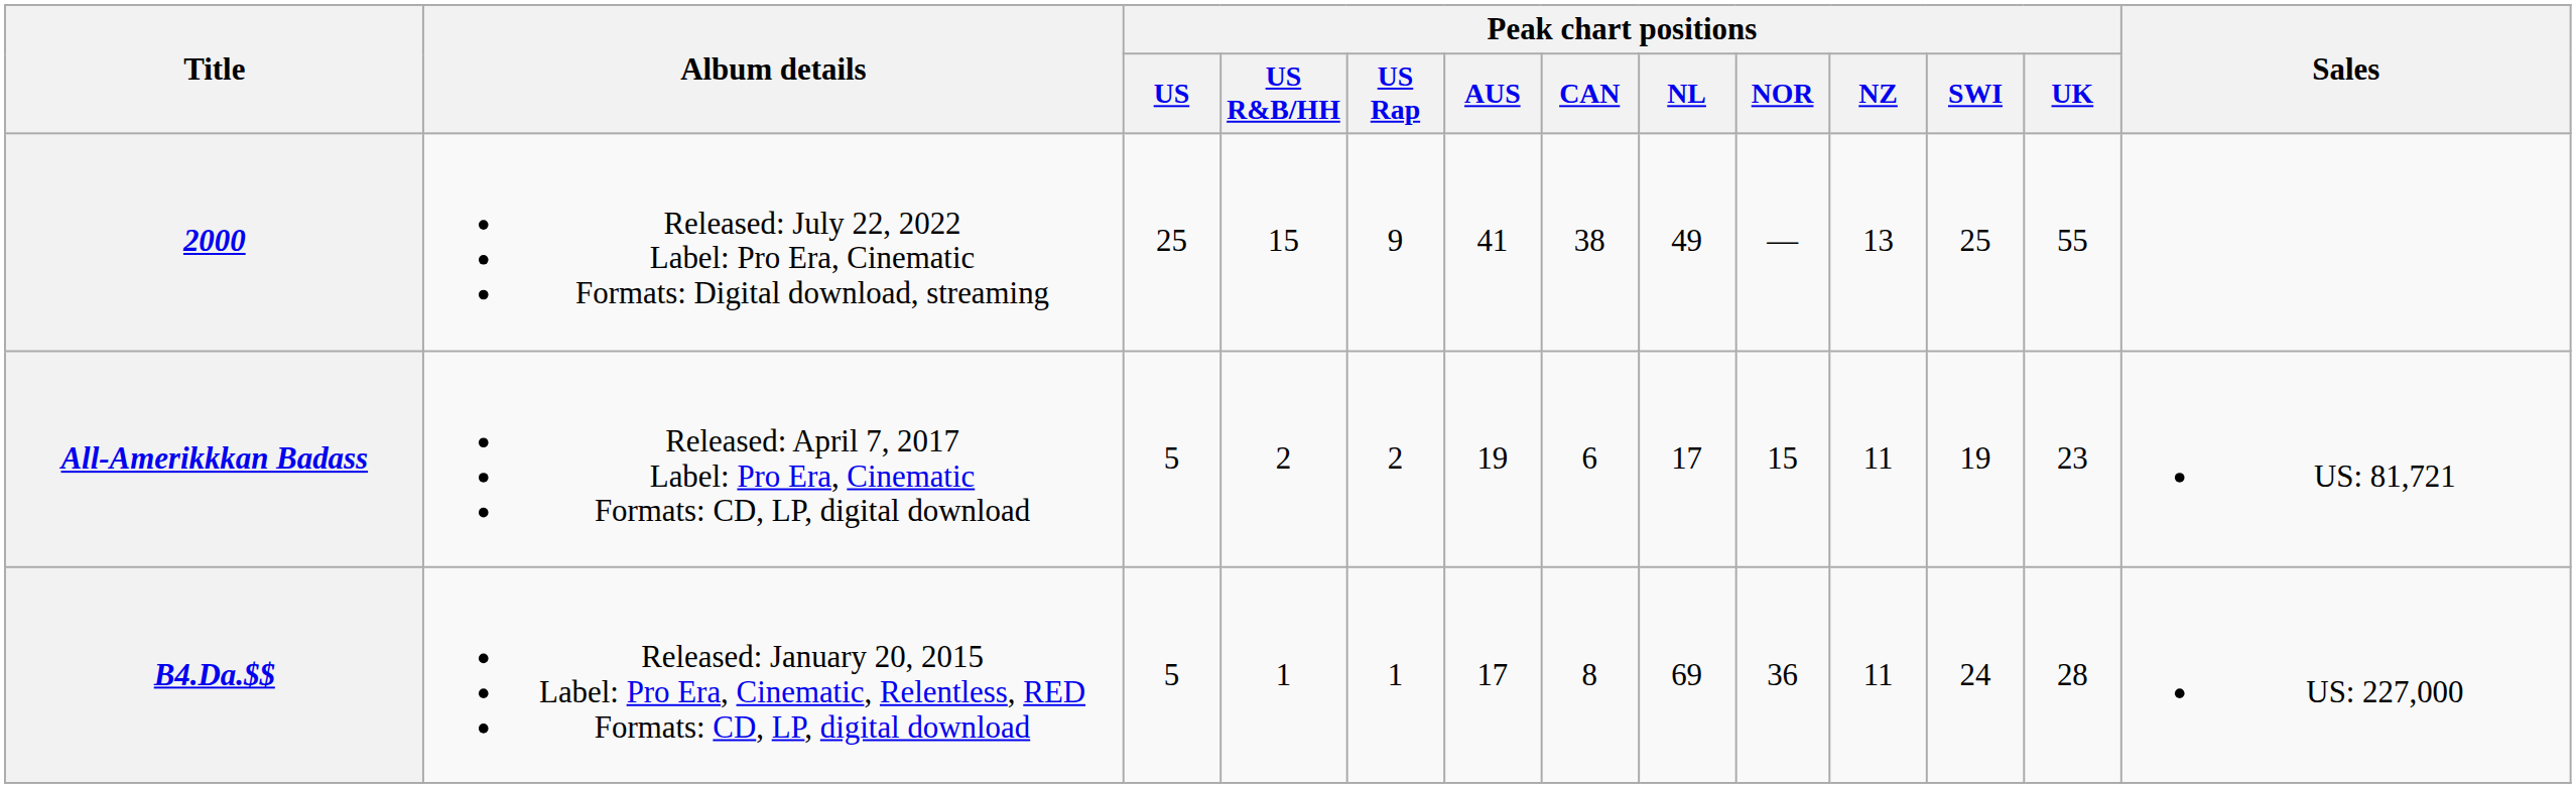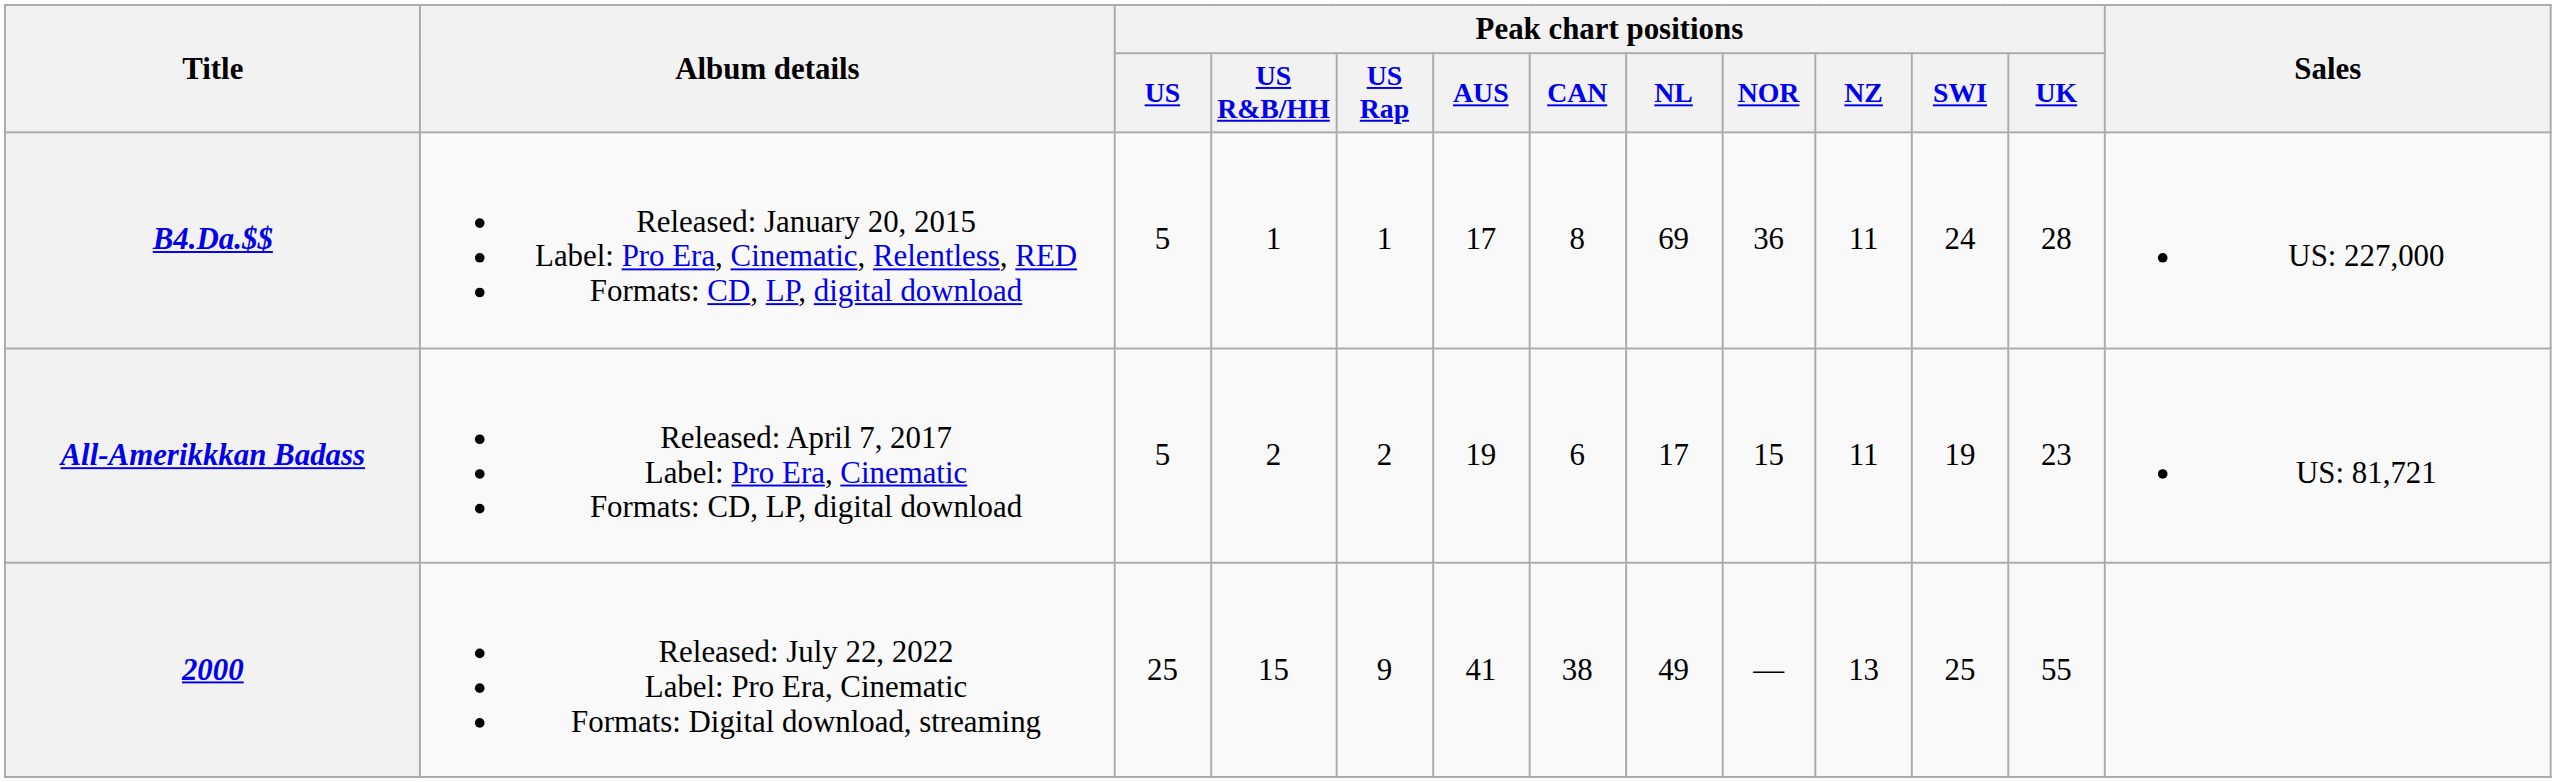 <table class="wikitable plainrowheaders" style="text-align:center;">
 <tr>
 <th scope="col" rowspan="2" style="width:13em;">Title</th>
 <th scope="col" rowspan="2" style="width:22em;">Album details</th>
 <th scope="col" colspan="10">Peak chart positions</th>
 <th scope="col" rowspan="2" style="width:14em;">Sales</th>
 </tr>
 <tr>
 <th scope="col" style="width:3em;font-size:90%;"><a href='#'>US</a><br></th>
 <th scope="col" style="width:3em;font-size:90%;"><a href='#'>US R&B/HH</a><br></th>
 <th scope="col" style="width:3em;font-size:90%;"><a href='#'>US Rap</a><br></th>
 <th scope="col" style="width:3em;font-size:90%;"><a href='#'>AUS</a><br></th>
 <th scope="col" style="width:3em;font-size:90%;"><a href='#'>CAN</a><br></th>
 <th scope="col" style="width:3em;font-size:90%;"><a href='#'>NL</a><br></th>
 <th scope="col" style="width:2.9em;font-size:90%;"><a href='#'>NOR</a><br></th>
 <th scope="col" style="width:3em;font-size:90%;"><a href='#'>NZ</a><br></th>
 <th scope="col" style="width:3em;font-size:90%;"><a href='#'>SWI</a><br></th>
 <th scope="col" style="width:3em;font-size:90%;"><a href='#'>UK</a><br></th>
 </tr>
 <tr>
-<th scope="row"><em><a href='#'>2000</a></em></th>
-<td><br><ul><li>Released: July 22, 2022</li><li>Label: Pro Era, Cinematic</li><li>Formats: Digital download, streaming</li></ul></td>
-<td>25</td>
-<td>15</td>
-<td>9</td>
-<td>41</td>
-<td>38</td>
-<td>49</td>
-<td>—</td>
-<td>13</td>
-<td>25</td>
-<td>55</td>
-<td></td>
+<th scope="row"><em><a href='#'>B4.Da.$$</a></em></th>
+<td><br><ul><li>Released: January 20, 2015</li><li>Label: <a href='#'>Pro Era</a>, <a href='#'>Cinematic</a>, <a href='#'>Relentless</a>, <a href='#'>RED</a></li><li>Formats: <a href='#'>CD</a>, <a href='#'>LP</a>, <a href='#'>digital download</a></li></ul></td>
+<td>5</td>
+<td>1</td>
+<td>1</td>
+<td>17</td>
+<td>8</td>
+<td>69</td>
+<td>36</td>
+<td>11</td>
+<td>24</td>
+<td>28</td>
+<td><br><ul><li>US: 227,000</li></ul></td>
 </tr>
 <tr>
 <th scope="row"><em><a href='#'>All-Amerikkkan Badass</a></em></th>
 <td><br><ul><li>Released: April 7, 2017</li><li>Label: <a href='#'>Pro Era</a>, <a href='#'>Cinematic</a></li><li>Formats: CD, LP, digital download</li></ul></td>
 <td>5</td>
 <td>2</td>
 <td>2</td>
 <td>19</td>
 <td>6</td>
 <td>17</td>
 <td>15</td>
 <td>11</td>
 <td>19</td>
 <td>23</td>
 <td><br><ul><li>US: 81,721</li></ul></td>
 </tr>
 <tr>
-<th scope="row"><em><a href='#'>B4.Da.$$</a></em></th>
-<td><br><ul><li>Released: January 20, 2015</li><li>Label: <a href='#'>Pro Era</a>, <a href='#'>Cinematic</a>, <a href='#'>Relentless</a>, <a href='#'>RED</a></li><li>Formats: <a href='#'>CD</a>, <a href='#'>LP</a>, <a href='#'>digital download</a></li></ul></td>
-<td>5</td>
-<td>1</td>
-<td>1</td>
-<td>17</td>
-<td>8</td>
-<td>69</td>
-<td>36</td>
-<td>11</td>
-<td>24</td>
-<td>28</td>
-<td><br><ul><li>US: 227,000</li></ul></td>
+<th scope="row"><em><a href='#'>2000</a></em></th>
+<td><br><ul><li>Released: July 22, 2022</li><li>Label: Pro Era, Cinematic</li><li>Formats: Digital download, streaming</li></ul></td>
+<td>25</td>
+<td>15</td>
+<td>9</td>
+<td>41</td>
+<td>38</td>
+<td>49</td>
+<td>—</td>
+<td>13</td>
+<td>25</td>
+<td>55</td>
+<td></td>
 </tr>
 </table>
